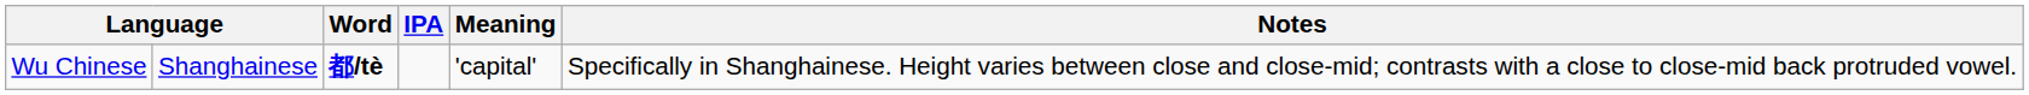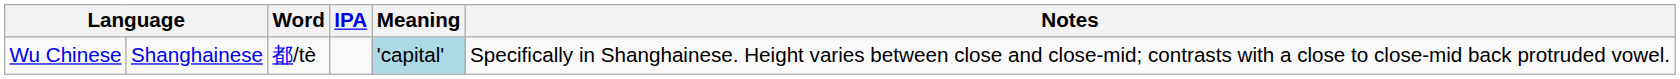 <table class="wikitable" style="clear: both;">
 <tr>
 <th colspan="2">Language</th>
 <th>Word</th>
 <th><a href='#'>IPA</a></th>
 <th>Meaning</th>
 <th>Notes</th>
 </tr>
 <tr>
 <td><a href='#'>Wu Chinese</a></td>
 <td><a href='#'>Shanghainese</a></td>
-<td><strong><a href='#'>都</a>/tè</strong></td>
+<td><a href='#'>都</a>/tè</td>
 <td></td>
-<td>'capital'</td>
+<td style="background: lightblue;">'capital'</td>
 <td>Specifically in Shanghainese. Height varies between close and close-mid; contrasts with a close to close-mid back protruded vowel.</td>
 </tr>
 </table>
